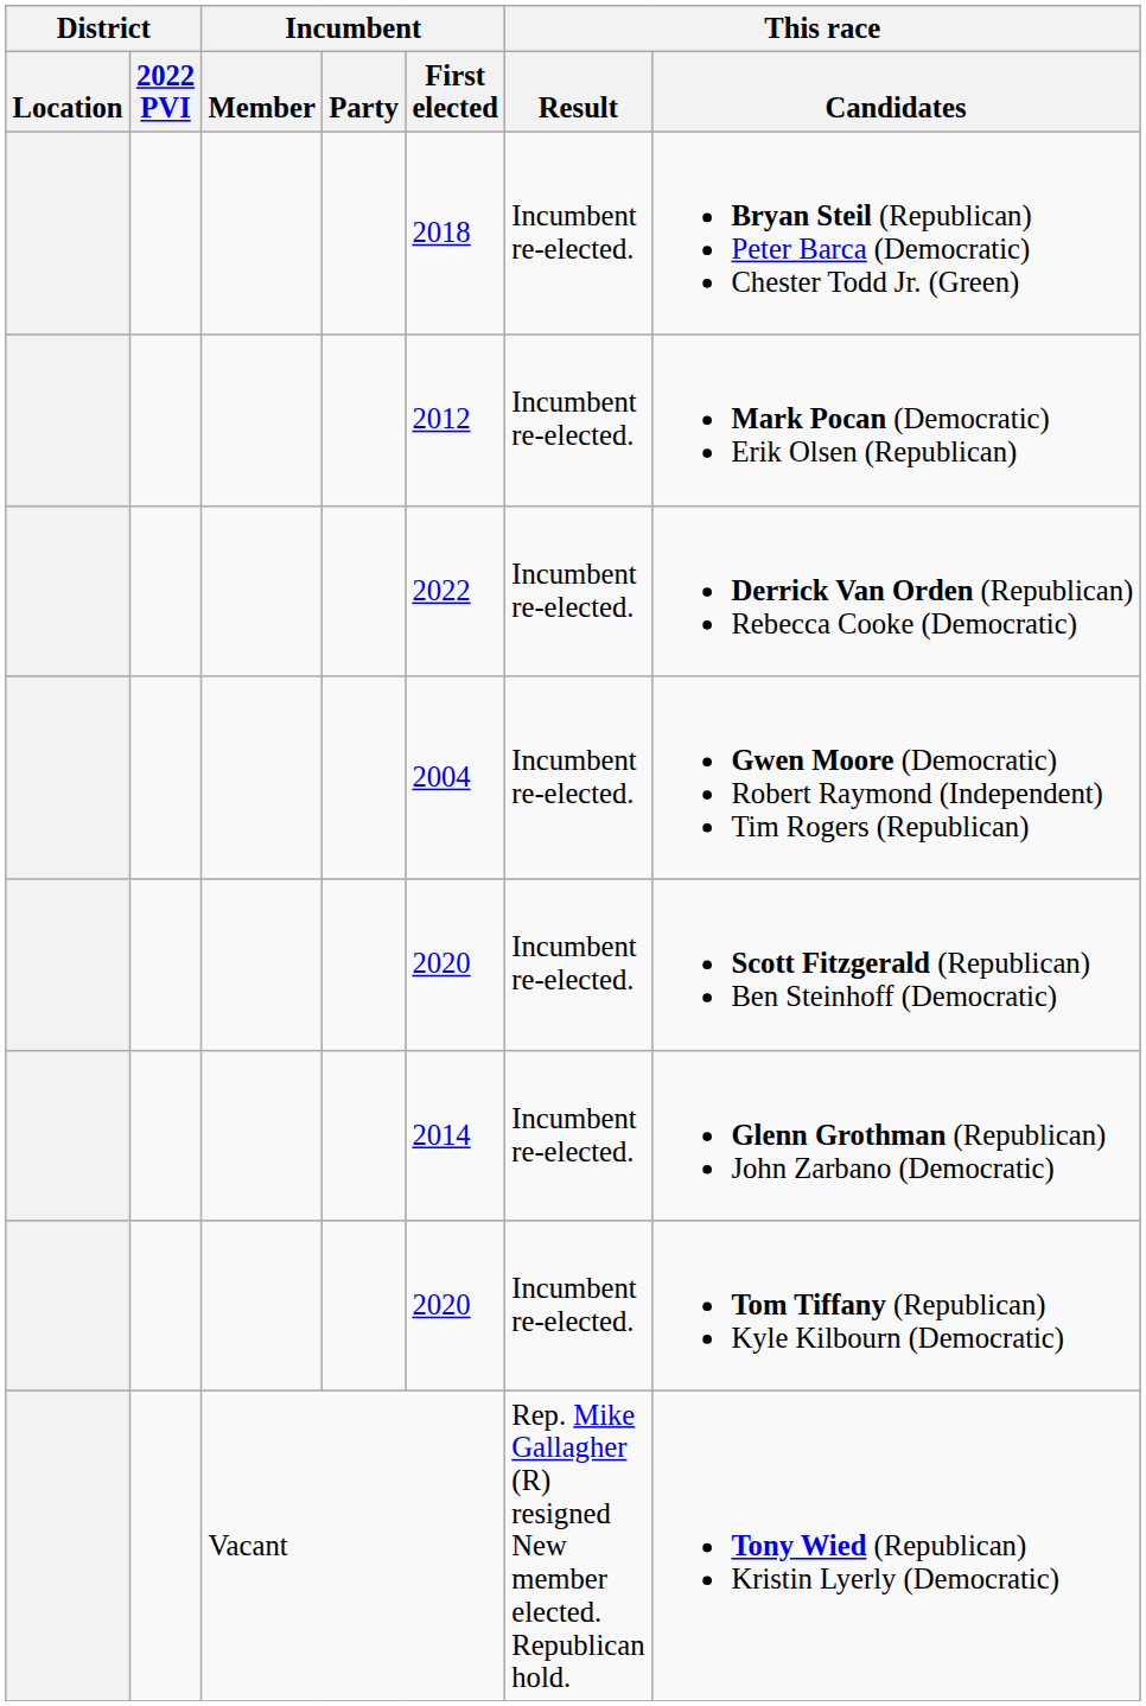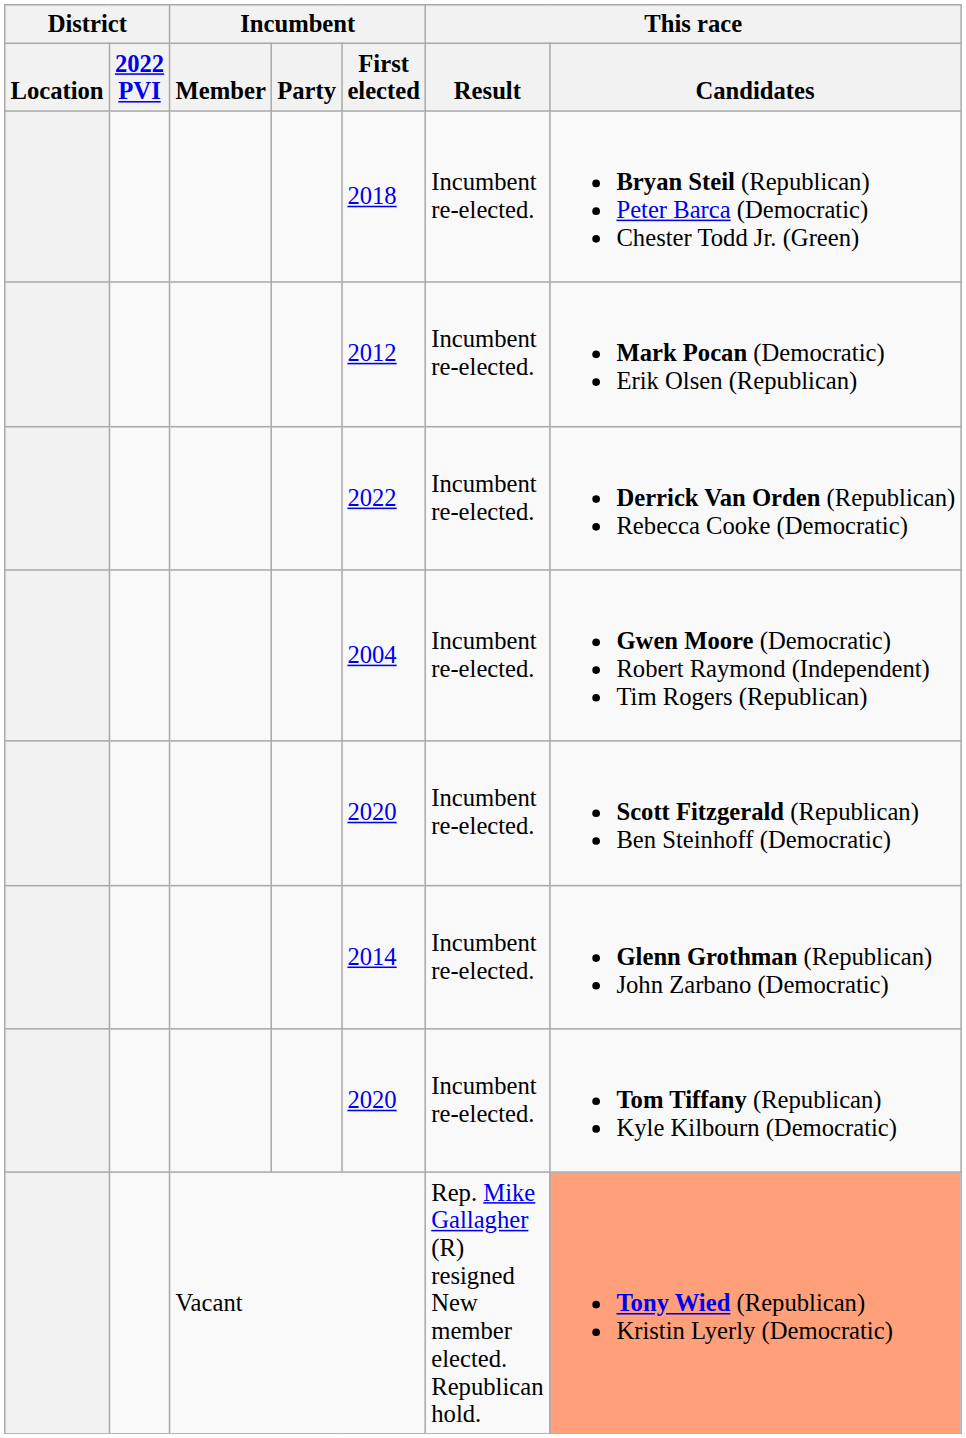 <table class="wikitable sortable">
 <tr>
 <th colspan="2">District</th>
 <th colspan="3">Incumbent</th>
 <th colspan="2">This race</th>
 </tr>
 <tr valign="bottom">
 <th>Location</th>
 <th><a href='#'>2022</a><br><a href='#'>PVI</a></th>
 <th>Member</th>
 <th>Party</th>
 <th>First<br>elected</th>
 <th>Result</th>
 <th>Candidates</th>
 </tr>
 <tr>
 <th></th>
 <td></td>
 <td></td>
 <td></td>
 <td><a href='#'>2018</a></td>
 <td>Incumbent re-elected.</td>
 <td nowrap=""><br><ul><li> <strong>Bryan Steil</strong> (Republican)</li><li><a href='#'>Peter Barca</a> (Democratic)</li><li>Chester Todd Jr. (Green)</li></ul></td>
 </tr>
 <tr>
 <th></th>
 <td></td>
 <td></td>
 <td></td>
 <td><a href='#'>2012</a></td>
 <td>Incumbent re-elected.</td>
 <td nowrap=""><br><ul><li> <strong>Mark Pocan</strong> (Democratic)</li><li>Erik Olsen (Republican)</li></ul></td>
 </tr>
 <tr>
 <th></th>
 <td></td>
 <td></td>
 <td></td>
 <td><a href='#'>2022</a></td>
 <td>Incumbent re-elected.</td>
 <td nowrap=""><br><ul><li> <strong>Derrick Van Orden</strong> (Republican)</li><li>Rebecca Cooke (Democratic)</li></ul></td>
 </tr>
 <tr>
 <th></th>
 <td></td>
 <td></td>
 <td></td>
 <td><a href='#'>2004</a></td>
 <td>Incumbent re-elected.</td>
 <td nowrap=""><br><ul><li> <strong>Gwen Moore</strong> (Democratic)</li><li>Robert Raymond (Independent)</li><li>Tim Rogers (Republican)</li></ul></td>
 </tr>
 <tr>
 <th></th>
 <td></td>
 <td></td>
 <td></td>
 <td><a href='#'>2020</a></td>
 <td>Incumbent re-elected.</td>
 <td nowrap=""><br><ul><li> <strong>Scott Fitzgerald</strong> (Republican)</li><li>Ben Steinhoff (Democratic)</li></ul></td>
 </tr>
 <tr>
 <th></th>
 <td></td>
 <td></td>
 <td></td>
 <td><a href='#'>2014</a></td>
 <td>Incumbent re-elected.</td>
 <td nowrap=""><br><ul><li> <strong>Glenn Grothman</strong> (Republican)</li><li>John Zarbano (Democratic)</li></ul></td>
 </tr>
 <tr>
 <th></th>
 <td></td>
 <td></td>
 <td></td>
 <td><a href='#'>2020 </a></td>
 <td>Incumbent re-elected.</td>
 <td nowrap=""><br><ul><li> <strong>Tom Tiffany</strong> (Republican)</li><li>Kyle Kilbourn (Democratic)</li></ul></td>
 </tr>
 <tr>
 <th></th>
 <td></td>
 <td colspan="3">Vacant</td>
 <td>Rep. <a href='#'>Mike Gallagher</a> (R) resigned <br>New member elected.<br>Republican hold.</td>
-<td nowrap=""><br><ul><li> <strong><a href='#'>Tony Wied</a></strong> (Republican)</li><li>Kristin Lyerly (Democratic)</li></ul></td>
+<td nowrap="" style="background: lightsalmon;"><br><ul><li> <strong><a href='#'>Tony Wied</a></strong> (Republican)</li><li>Kristin Lyerly (Democratic)</li></ul></td>
 </tr>
 </table>
